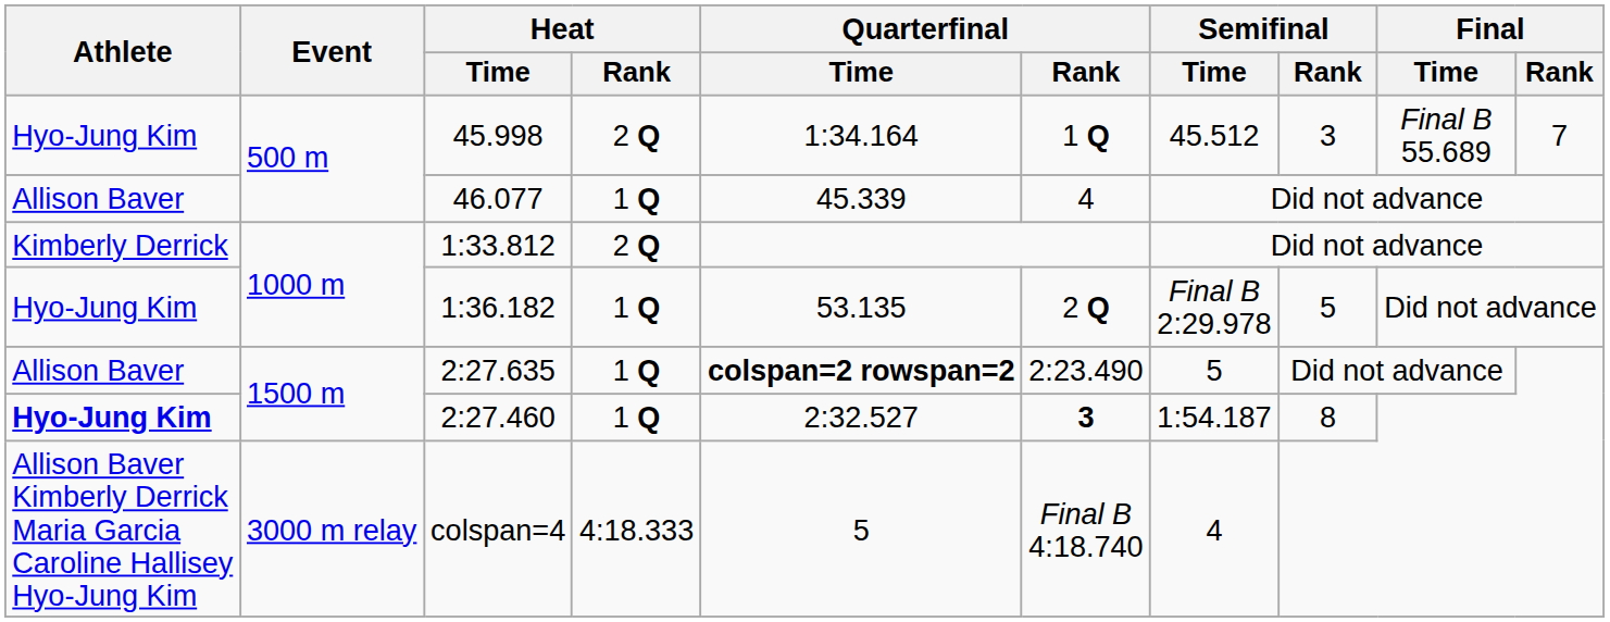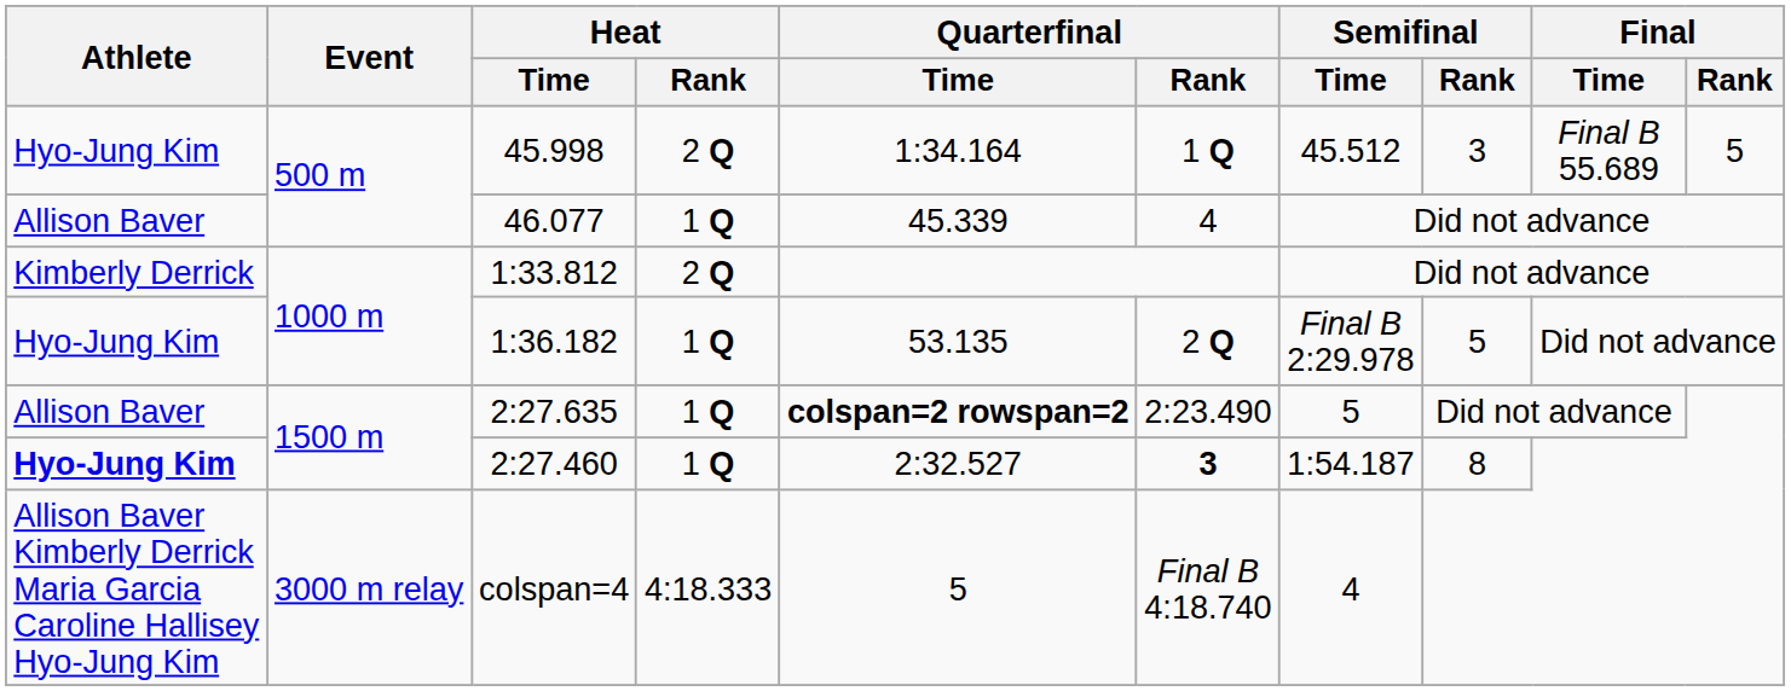 <table class=wikitable style=font-size:90%;text-align:center>
 <tr>
 <th rowspan=2>Athlete</th>
 <th rowspan=2>Event</th>
 <th colspan=2>Heat</th>
 <th colspan=2>Quarterfinal</th>
 <th colspan=2>Semifinal</th>
 <th colspan=2>Final</th>
 </tr>
 <tr style=font-size:95%>
 <th>Time</th>
 <th>Rank</th>
 <th>Time</th>
 <th>Rank</th>
 <th>Time</th>
 <th>Rank</th>
 <th>Time</th>
 <th>Rank</th>
 </tr>
 <tr>
 <td align=left><a href='#'>Hyo-Jung Kim</a></td>
 <td align=left rowspan=2><a href='#'>500 m</a></td>
 <td>45.998</td>
 <td>2 <strong>Q</strong></td>
 <td>1:34.164</td>
 <td>1 <strong>Q</strong></td>
 <td>45.512</td>
 <td>3</td>
 <td><em>Final B</em><br>55.689</td>
-<td>7</td>
+<td>5</td>
 </tr>
 <tr>
 <td align=left><a href='#'>Allison Baver</a></td>
 <td>46.077</td>
 <td>1 <strong>Q</strong></td>
 <td>45.339</td>
 <td>4</td>
 <td colspan=4>Did not advance</td>
 </tr>
 <tr>
 <td align=left><a href='#'>Kimberly Derrick</a></td>
 <td align=left rowspan=2><a href='#'>1000 m</a></td>
 <td>1:33.812</td>
 <td>2 <strong>Q</strong></td>
 <td colspan=2></td>
 <td colspan=4>Did not advance</td>
 </tr>
 <tr>
 <td align=left><a href='#'>Hyo-Jung Kim</a></td>
 <td>1:36.182</td>
 <td>1 <strong>Q</strong></td>
 <td>53.135</td>
 <td>2 <strong>Q</strong></td>
 <td><em>Final B</em><br>2:29.978</td>
 <td>5</td>
 <td colspan=2>Did not advance</td>
 </tr>
 <tr>
 <td align=left><a href='#'>Allison Baver</a></td>
 <td align=left rowspan=2><a href='#'>1500 m</a></td>
 <td>2:27.635</td>
 <td>1 <strong>Q</strong></td>
 <td><strong>colspan=2 rowspan=2 </strong></td>
 <td>2:23.490</td>
 <td>5</td>
 <td colspan=2>Did not advance</td>
 </tr>
 <tr>
 <td align=left><strong><a href='#'>Hyo-Jung Kim</a></strong></td>
 <td>2:27.460</td>
 <td>1 <strong>Q</strong></td>
 <td>2:32.527</td>
 <td><strong>3</strong></td>
 <td>1:54.187</td>
 <td>8</td>
 </tr>
 <tr>
 <td align=left><a href='#'>Allison Baver</a><br><a href='#'>Kimberly Derrick</a><br><a href='#'>Maria Garcia</a><br><a href='#'>Caroline Hallisey</a><br><a href='#'>Hyo-Jung Kim</a></td>
 <td align=left><a href='#'>3000 m relay</a></td>
 <td>colspan=4 </td>
 <td>4:18.333</td>
 <td>5</td>
 <td><em>Final B</em><br>4:18.740</td>
 <td>4</td>
 </tr>
 </table>
